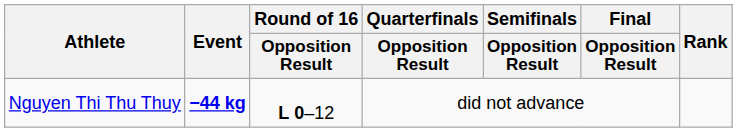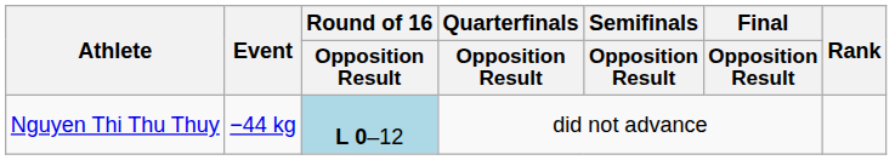 <table class="wikitable" style="font-size:90%;">
 <tr>
 <th rowspan=2>Athlete</th>
 <th rowspan=2>Event</th>
 <th>Round of 16</th>
 <th>Quarterfinals</th>
 <th>Semifinals</th>
 <th>Final</th>
 <th rowspan=2>Rank</th>
 </tr>
 <tr style="font-size:95%">
 <th>Opposition<br>Result</th>
 <th>Opposition<br>Result</th>
 <th>Opposition<br>Result</th>
 <th>Opposition<br>Result</th>
 </tr>
 <tr align=center>
 <td align=left><a href='#'>Nguyen Thi Thu Thuy</a></td>
-<td align=left><strong><a href='#'>−44 kg</a></strong></td>
-<td><br><strong>L</strong> <strong>0</strong>–12</td>
+<td align=left><a href='#'>−44 kg</a></td>
+<td style="background: lightblue;"><br><strong>L</strong> <strong>0</strong>–12</td>
 <td colspan=3>did not advance</td>
 <td></td>
 </tr>
 </table>
